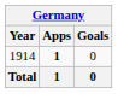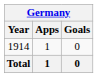 <table class="wikitable" style="text-align:center">
 <tr>
 <th colspan=3><a href='#'>Germany</a></th>
 </tr>
 <tr>
 <th>Year</th>
 <th>Apps</th>
 <th>Goals</th>
 </tr>
 <tr>
 <td>1914</td>
-<td><strong>1</strong></td>
+<td>1</td>
 <td>0</td>
 </tr>
 <tr>
 <th>Total</th>
 <th>1</th>
 <th>0</th>
 </tr>
 </table>
